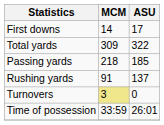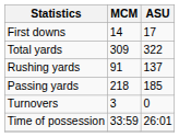 <table class="wikitable">
 <tr>
 <th>Statistics</th>
 <th>MCM</th>
 <th>ASU</th>
 </tr>
 <tr>
 <td>First downs</td>
 <td>14</td>
 <td>17</td>
 </tr>
 <tr>
 <td>Total yards</td>
 <td>309</td>
 <td>322</td>
 </tr>
 <tr>
+<td>Rushing yards</td>
+<td>91</td>
+<td>137</td>
+</tr>
+<tr>
 <td>Passing yards</td>
 <td>218</td>
 <td>185</td>
 </tr>
 <tr>
-<td>Rushing yards</td>
-<td>91</td>
-<td>137</td>
-</tr>
-<tr>
 <td>Turnovers</td>
-<td style="background: khaki;">3</td>
+<td>3</td>
 <td>0</td>
 </tr>
 <tr>
 <td>Time of possession</td>
 <td>33:59</td>
 <td>26:01</td>
 </tr>
 <tr>
 </tr>
 </table>
